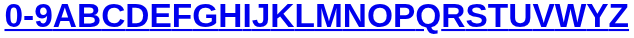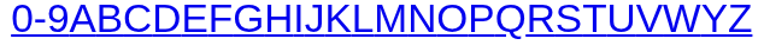 <table id="toc" class="toc" summary="Class" align="center">
 <tr>
 <th></th>
 </tr>
 <tr>
-<td style="text-align:center;"><strong><a href='#'>0-9</a><a href='#'>A</a><a href='#'>B</a><a href='#'>C</a><a href='#'>D</a><a href='#'>E</a><a href='#'>F</a><a href='#'>G</a><a href='#'>H</a><a href='#'>I</a><a href='#'>J</a><a href='#'>K</a><a href='#'>L</a><a href='#'>M</a><a href='#'>N</a><a href='#'>O</a><a href='#'>P</a><a href='#'>Q</a><a href='#'>R</a><a href='#'>S</a><a href='#'>T</a><a href='#'>U</a><a href='#'>V</a><a href='#'>W</a><a href='#'>Y</a><a href='#'>Z</a></strong></td>
+<td style="text-align:center;"><a href='#'>0-9</a><a href='#'>A</a><a href='#'>B</a><a href='#'>C</a><a href='#'>D</a><a href='#'>E</a><a href='#'>F</a><a href='#'>G</a><a href='#'>H</a><a href='#'>I</a><a href='#'>J</a><a href='#'>K</a><a href='#'>L</a><a href='#'>M</a><a href='#'>N</a><a href='#'>O</a><a href='#'>P</a><a href='#'>Q</a><a href='#'>R</a><a href='#'>S</a><a href='#'>T</a><a href='#'>U</a><a href='#'>V</a><a href='#'>W</a><a href='#'>Y</a><a href='#'>Z</a></td>
 </tr>
 </table>
